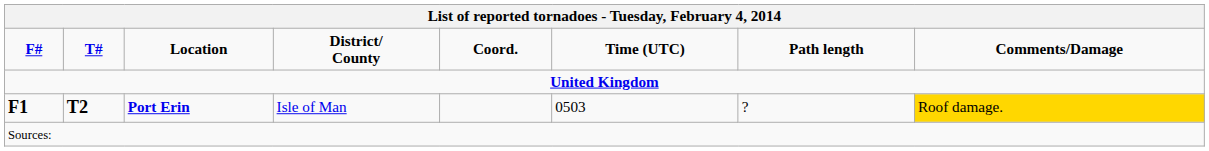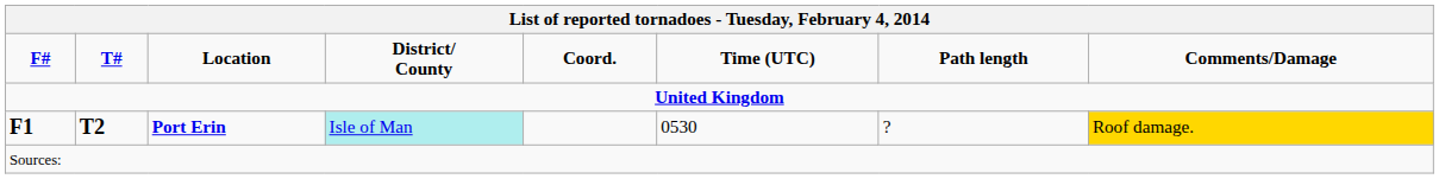 <table class="wikitable collapsible" width="100%">
 <tr>
 <th colspan="8">List of reported tornadoes - Tuesday, February 4, 2014</th>
 </tr>
 <tr>
 <td style="text-align: center;"><strong><a href='#'>F#</a></strong></td>
 <td style="text-align: center;"><strong><a href='#'>T#</a></strong></td>
 <td style="text-align: center;"><strong>Location</strong></td>
 <td style="text-align: center;"><strong>District/<br>County</strong></td>
 <td style="text-align: center;"><strong>Coord.</strong></td>
 <td style="text-align: center;"><strong>Time (UTC)</strong></td>
 <td style="text-align: center;"><strong>Path length</strong></td>
 <td style="text-align: center;"><strong>Comments/Damage</strong></td>
 </tr>
 <tr>
 <td colspan="8" align=center><strong><a href='#'>United Kingdom</a></strong></td>
 </tr>
 <tr>
 <td><big><strong>F1</strong></big></td>
 <td><big><strong>T2</strong></big></td>
 <td><strong><a href='#'>Port Erin</a></strong></td>
-<td><a href='#'>Isle of Man</a></td>
+<td style="background: paleturquoise;"><a href='#'>Isle of Man</a></td>
 <td></td>
-<td>0503</td>
+<td>0530</td>
 <td>?</td>
 <td style="background: gold;">Roof damage.</td>
 </tr>
 <tr>
 <td colspan="8"><small>Sources:</small></td>
 </tr>
 </table>
